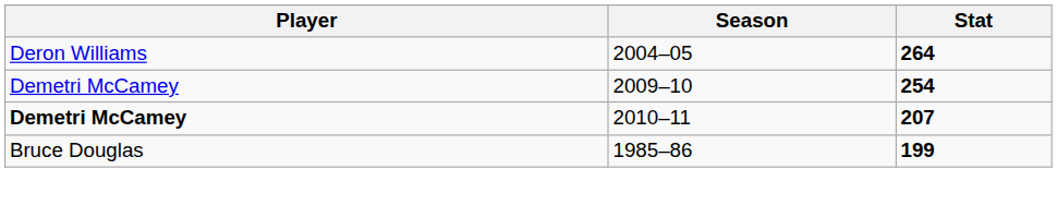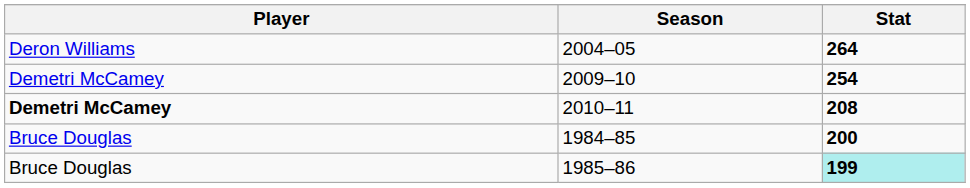 <table class="wikitable sortable" style="text-align: left; width: 65%">
 <tr>
 </tr>
 <tr>
 <th>Player</th>
 <th>Season</th>
 <th>Stat</th>
 </tr>
 <tr>
 <td><a href='#'>Deron Williams</a></td>
 <td>2004–05</td>
 <td><strong>264</strong></td>
 </tr>
 <tr>
 <td><a href='#'>Demetri McCamey</a></td>
 <td>2009–10</td>
 <td><strong>254</strong></td>
 </tr>
 <tr>
 <td><strong>Demetri McCamey</strong></td>
 <td>2010–11</td>
-<td><strong>207</strong></td>
+<td><strong>208</strong></td>
+</tr>
+<tr>
+<td><a href='#'>Bruce Douglas</a></td>
+<td>1984–85</td>
+<td><strong>200</strong></td>
 </tr>
 <tr>
 <td>Bruce Douglas</td>
 <td>1985–86</td>
-<td><strong>199</strong></td>
+<td style="background: paleturquoise;"><strong>199</strong></td>
 </tr>
 </table>
